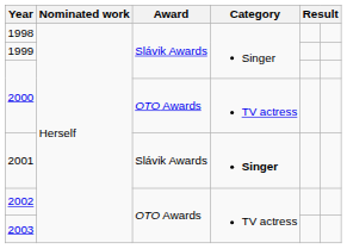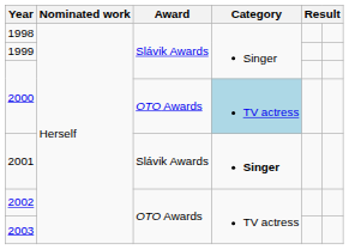 <table class="wikitable">
 <tr>
 <th>Year</th>
 <th>Nominated work</th>
 <th>Award</th>
 <th>Category</th>
 <th colspan=2>Result</th>
 </tr>
 <tr>
 <td>1998</td>
 <td rowspan=7>Herself</td>
 <td rowspan=3><a href='#'>Slávik Awards</a></td>
 <td rowspan=3><br><ul><li>Singer</li></ul></td>
 <td></td>
 <td></td>
 </tr>
 <tr>
 <td>1999</td>
 <td></td>
 <td></td>
 </tr>
 <tr>
 <td rowspan=2><a href='#'>2000</a></td>
 <td></td>
 <td></td>
 </tr>
 <tr>
 <td><a href='#'><em>OTO</em> Awards</a></td>
-<td><br><ul><li><a href='#'>TV actress</a></li></ul></td>
+<td style="background: lightblue;"><br><ul><li><a href='#'>TV actress</a></li></ul></td>
 <td></td>
 <td></td>
 </tr>
 <tr>
 <td>2001</td>
 <td>Slávik Awards</td>
 <td><strong><br><ul><li>Singer</li></ul></strong></td>
 <td></td>
 <td></td>
 </tr>
 <tr>
 <td><a href='#'>2002</a></td>
 <td rowspan=2><em>OTO</em> Awards</td>
 <td rowspan=2><br><ul><li>TV actress</li></ul></td>
 <td></td>
 <td></td>
 </tr>
 <tr>
 <td><a href='#'>2003</a></td>
 <td></td>
 <td></td>
 </tr>
 </table>
